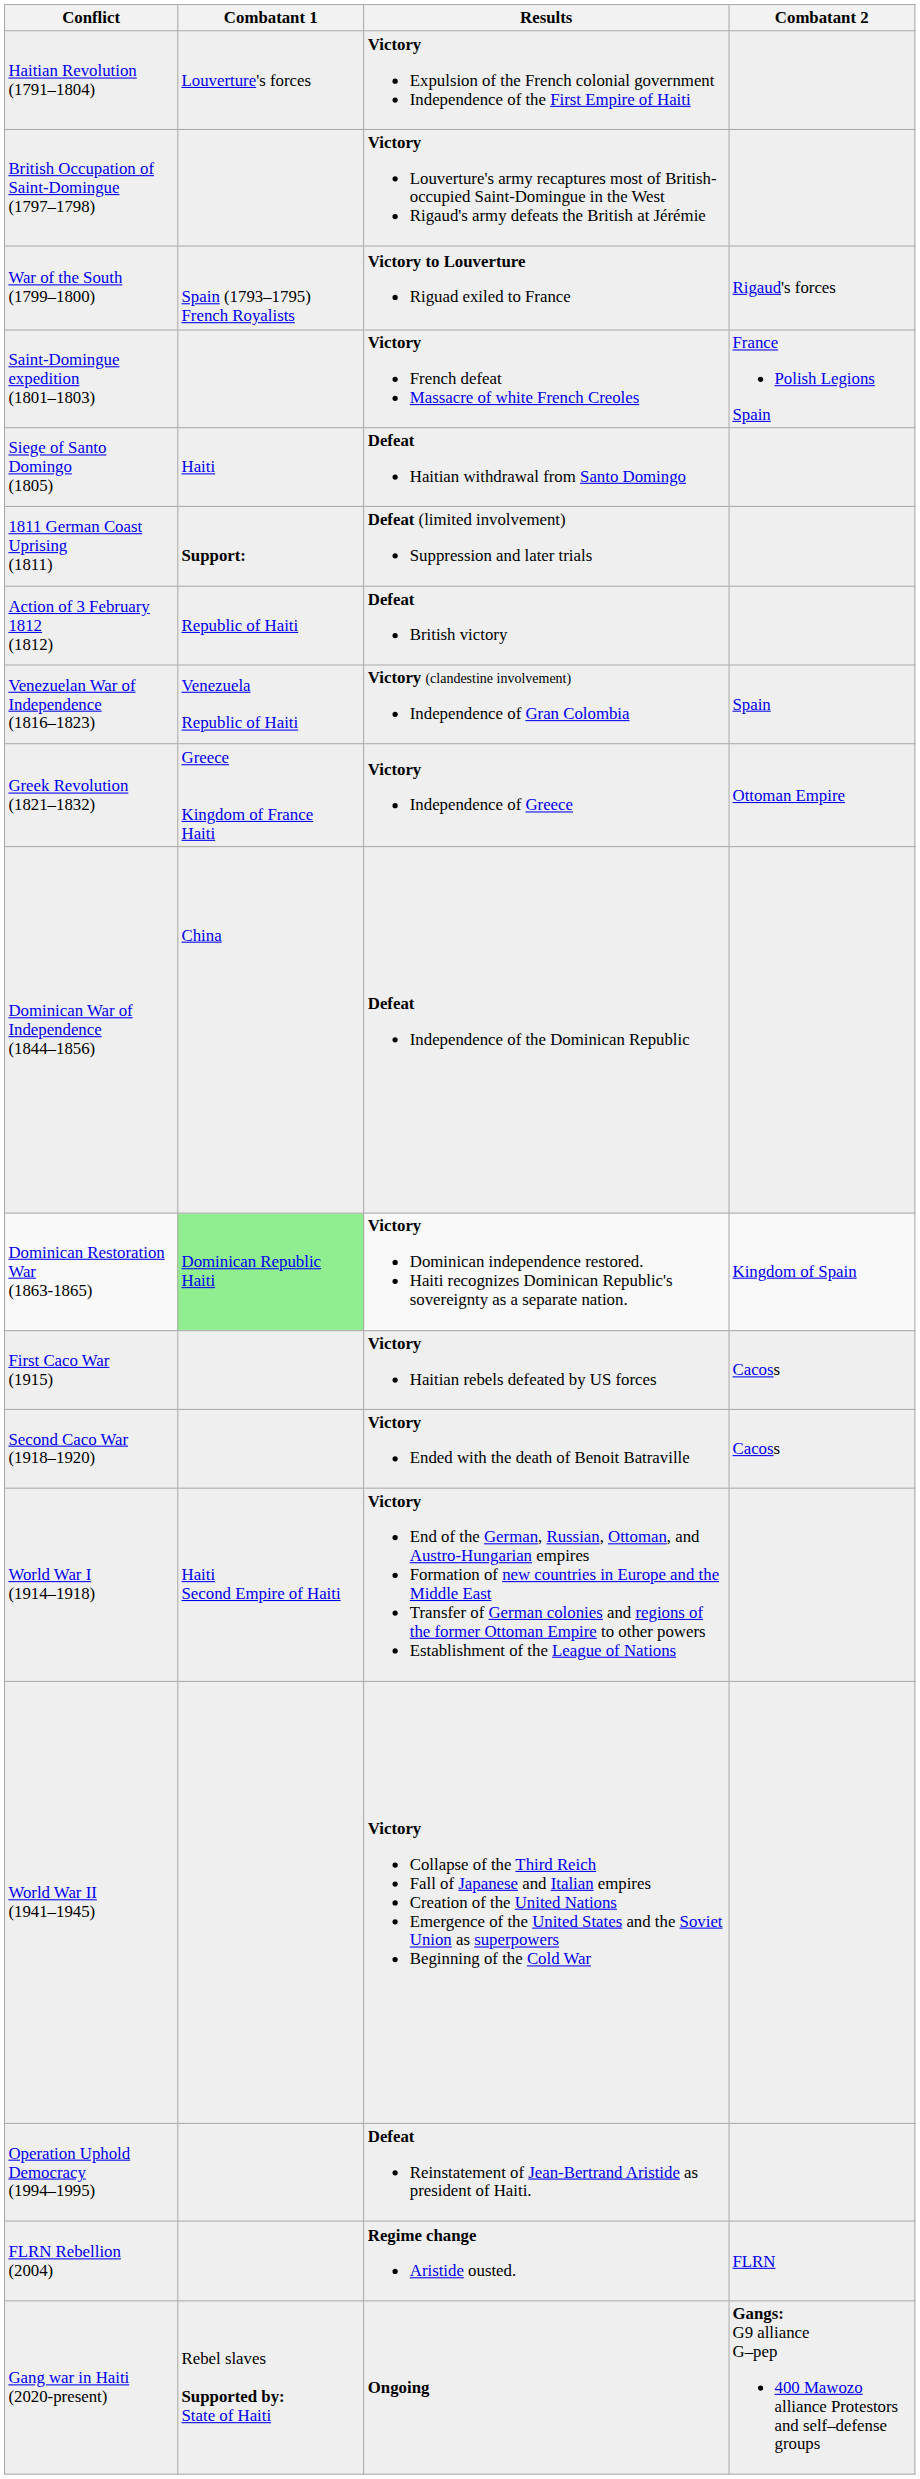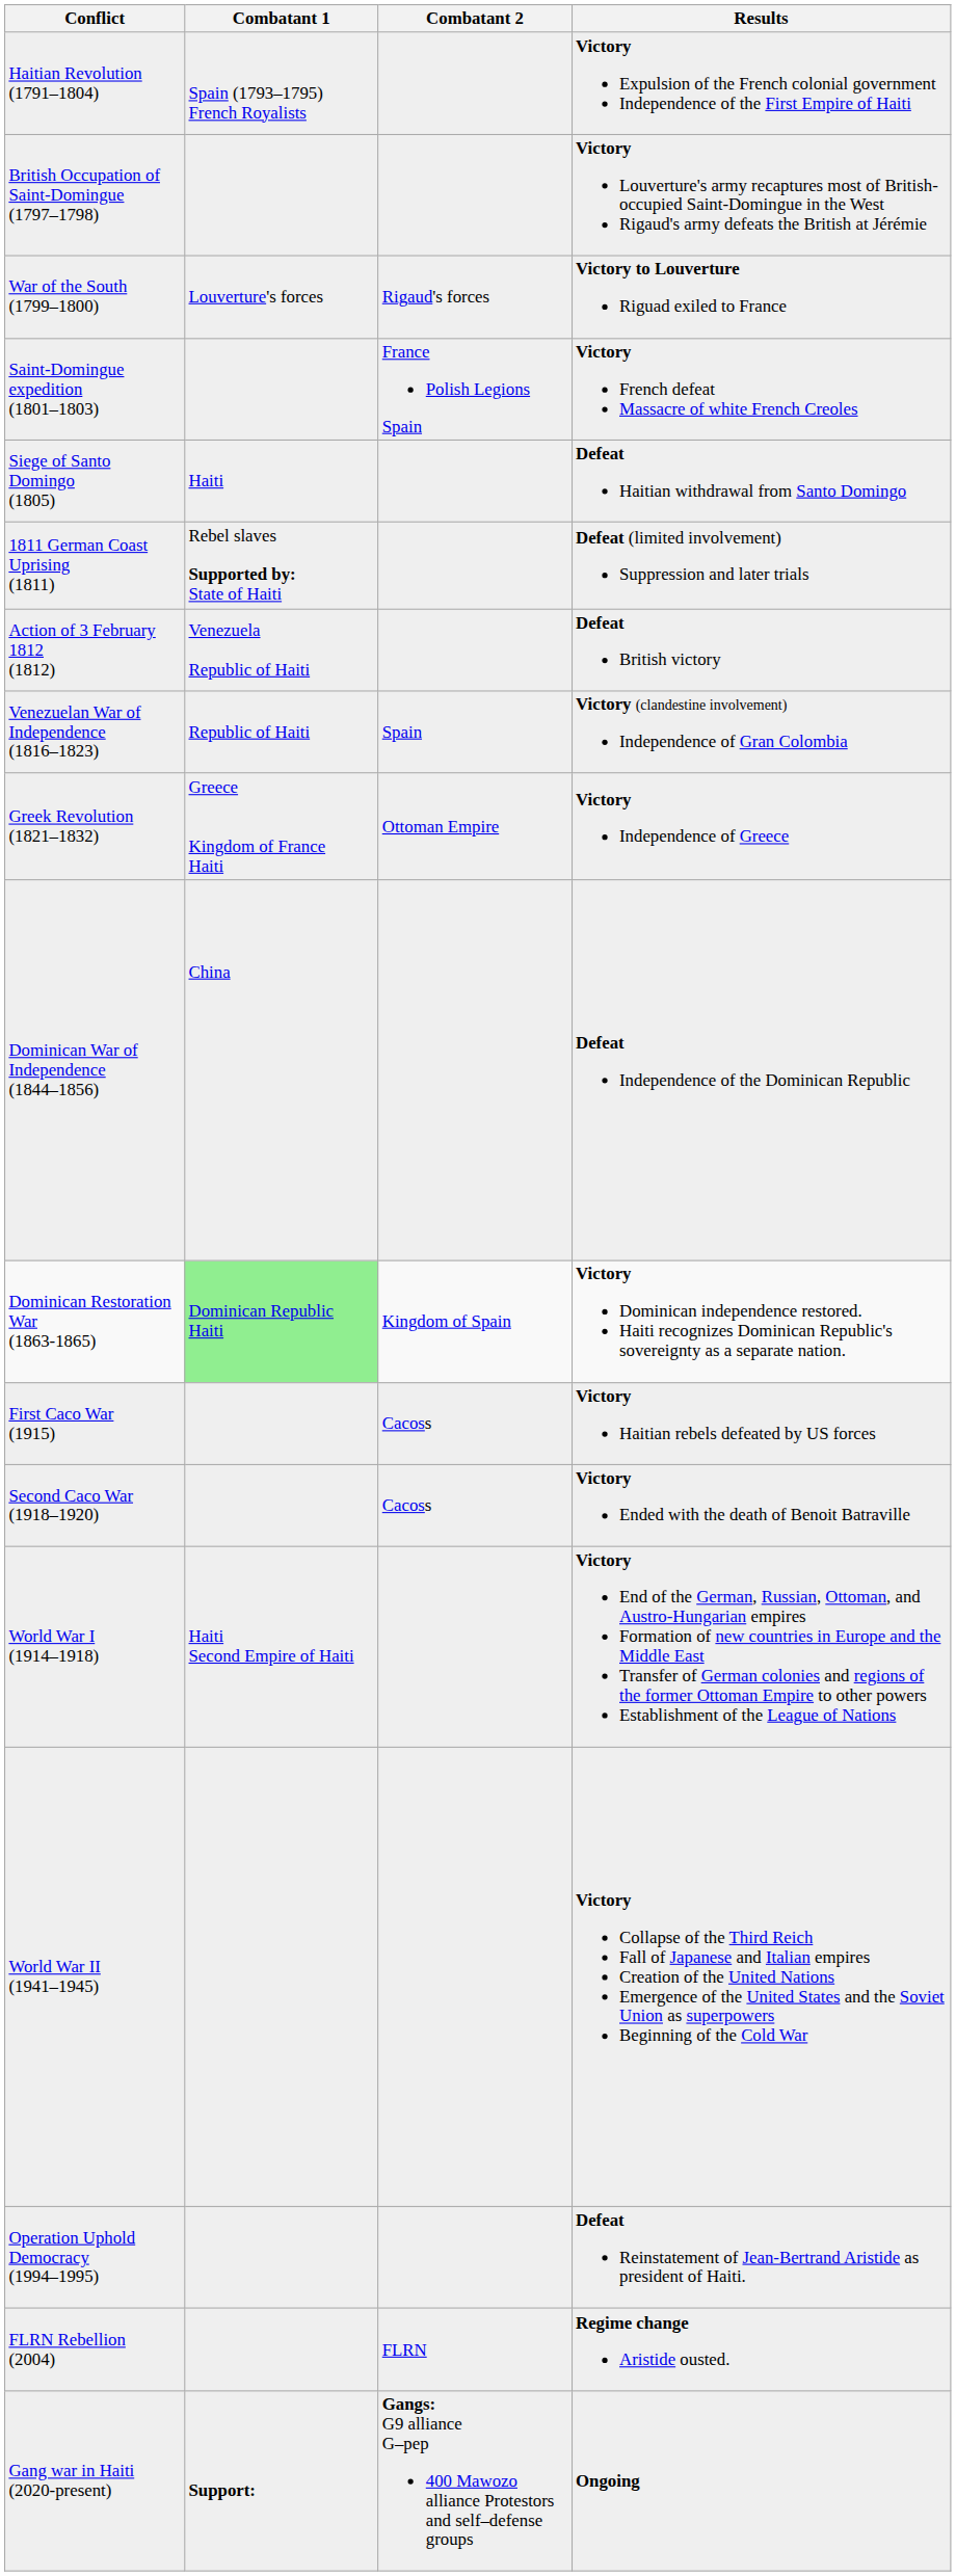 <table class="wikitable">
 <tr>
 <th style= rowspan="1"><span>Conflict</span></th>
 <th style= rowspan="1" width=170px><span>Combatant 1</span></th>
+<th style= rowspan="1" width=170px><span>Combatant 2</span></th>
 <th style= rowspan="1" width=340px><span>Results</span></th>
-<th style= rowspan="1" width=170px><span>Combatant 2</span></th>
 </tr>
 <tr>
 <td style="background:#efefef"><a href='#'>Haitian Revolution</a><br>(1791–1804)</td>
-<td style="background:#efefef"> <a href='#'>Louverture</a>'s forces</td>
+<td style="background:#efefef"><br><br> <a href='#'>Spain</a> (1793–1795)<br> <a href='#'>French Royalists</a></td>
+<td style="background:#efefef"></td>
 <td style="background:#efefef"><strong>Victory</strong><br><ul><li>Expulsion of the French colonial government</li><li>Independence of the <a href='#'>First Empire of Haiti</a></li></ul></td>
-<td style="background:#efefef"></td>
 </tr>
 <tr>
 <td style="background:#efefef"><a href='#'>British Occupation of Saint-Domingue</a><br>(1797–1798)</td>
 <td style="background:#efefef"></td>
+<td style="background:#efefef"></td>
 <td style="background:#efefef"><strong>Victory</strong><br><ul><li>Louverture's army recaptures most of British-occupied Saint-Domingue in the West</li><li>Rigaud's army defeats the British at Jérémie</li></ul></td>
-<td style="background:#efefef"></td>
 </tr>
 <tr>
 <td style="background:#efefef"><a href='#'>War of the South</a><br>(1799–1800)</td>
-<td style="background:#efefef"><br><br> <a href='#'>Spain</a> (1793–1795)<br> <a href='#'>French Royalists</a></td>
+<td style="background:#efefef"> <a href='#'>Louverture</a>'s forces</td>
+<td style="background:#efefef"> <a href='#'>Rigaud</a>'s forces</td>
 <td style="background:#efefef"><strong>Victory to Louverture</strong><br><ul><li>Riguad exiled to France</li></ul></td>
-<td style="background:#efefef"> <a href='#'>Rigaud</a>'s forces</td>
 </tr>
 <tr>
 <td style="background:#efefef"><a href='#'>Saint-Domingue expedition</a><br>(1801–1803)</td>
 <td style="background:#efefef"><br></td>
+<td style="background:#efefef"> <a href='#'>France</a><br><ul><li> <a href='#'>Polish Legions</a></li></ul> <a href='#'>Spain</a></td>
 <td style="background:#efefef"><strong>Victory</strong><br><ul><li>French defeat</li><li><a href='#'>Massacre of white French Creoles</a></li></ul></td>
-<td style="background:#efefef"> <a href='#'>France</a><br><ul><li> <a href='#'>Polish Legions</a></li></ul> <a href='#'>Spain</a></td>
 </tr>
 <tr>
 <td style="background:#efefef"><a href='#'>Siege of Santo Domingo</a><br>(1805)</td>
 <td style="background:#efefef"> <a href='#'>Haiti</a></td>
+<td style="background:#efefef"></td>
 <td style="background:#efefef"><strong>Defeat</strong><br><ul><li>Haitian withdrawal from <a href='#'>Santo Domingo</a></li></ul></td>
-<td style="background:#efefef"></td>
 </tr>
 <tr>
 <td style="background:#efefef"><a href='#'>1811 German Coast Uprising</a><br>(1811)</td>
-<td style="background:#efefef"><br>    <strong>Support:</strong><br></td>
+<td style="background:#efefef">Rebel slaves<br><br><strong>Supported by:</strong><br> <a href='#'>State of Haiti</a></td>
+<td style="background:#efefef"></td>
 <td style="background:#efefef"><strong>Defeat</strong> (limited involvement)<br><ul><li>Suppression and later trials</li></ul></td>
-<td style="background:#efefef"></td>
 </tr>
 <tr>
 <td style="background:#efefef"><a href='#'>Action of 3 February 1812</a><br>(1812)</td>
-<td style="background:#efefef">  <a href='#'>Republic of Haiti</a></td>
+<td style="background:#efefef"> <a href='#'>Venezuela</a><br><br> <a href='#'>Republic of Haiti</a></td>
+<td style="background:#efefef"></td>
 <td style="background:#efefef"><strong>Defeat</strong><br><ul><li>British victory</li></ul></td>
-<td style="background:#efefef"></td>
 </tr>
 <tr>
 <td style="background:#efefef"><a href='#'>Venezuelan War of Independence</a><br>(1816–1823)</td>
-<td style="background:#efefef"> <a href='#'>Venezuela</a><br><br> <a href='#'>Republic of Haiti</a></td>
+<td style="background:#efefef">  <a href='#'>Republic of Haiti</a></td>
+<td style="background:#efefef"> <a href='#'>Spain</a></td>
 <td style="background:#efefef"><strong>Victory</strong> <small>(clandestine involvement)</small><br><ul><li>Independence of <a href='#'>Gran Colombia</a></li></ul></td>
-<td style="background:#efefef"> <a href='#'>Spain</a></td>
 </tr>
 <tr>
 <td style="background:#efefef"><a href='#'>Greek Revolution</a><br>(1821–1832)</td>
 <td style="background:#efefef"> <a href='#'>Greece</a><br><br><br> <a href='#'>Kingdom of France</a><br> <a href='#'>Haiti</a></td>
+<td style="background:#efefef"> <a href='#'>Ottoman Empire</a></td>
 <td style="background:#efefef"><strong>Victory</strong><br><ul><li>Independence of <a href='#'>Greece</a></li></ul></td>
-<td style="background:#efefef"> <a href='#'>Ottoman Empire</a></td>
 </tr>
 <tr>
 <td style="background:#efefef"><a href='#'>Dominican War of Independence</a><br>(1844–1856)</td>
 <td style="background:#efefef"><br><br><br><br> <a href='#'>China</a><br><br><br><br><br><br><br><br><br><br><br><br><br><br><br></td>
+<td style="background:#efefef"></td>
 <td style="background:#efefef"><strong>Defeat</strong><br><ul><li>Independence of the Dominican Republic</li></ul></td>
-<td style="background:#efefef"></td>
 </tr>
 <tr>
 <td><a href='#'>Dominican Restoration War</a><br>(1863-1865)</td>
 <td style="background: lightgreen;"> <a href='#'>Dominican Republic</a><br> <a href='#'>Haiti</a></td>
+<td> <a href='#'>Kingdom of Spain</a></td>
 <td><strong>Victory</strong><br><ul><li>Dominican independence restored.</li><li>Haiti recognizes Dominican Republic's sovereignty as a separate nation.</li></ul></td>
-<td> <a href='#'>Kingdom of Spain</a></td>
 </tr>
 <tr>
 <td style="background:#efefef"><a href='#'>First Caco War</a><br>(1915)</td>
 <td style="background:#efefef"><br></td>
+<td style="background:#efefef"> <a href='#'>Cacos</a>s</td>
 <td style="background:#efefef"><strong>Victory</strong><br><ul><li>Haitian rebels defeated by US forces</li></ul></td>
-<td style="background:#efefef"> <a href='#'>Cacos</a>s</td>
 </tr>
 <tr>
 <td style="background:#efefef"><a href='#'>Second Caco War</a><br>(1918–1920)</td>
 <td style="background:#efefef"><br></td>
+<td style="background:#efefef"> <a href='#'>Cacos</a>s</td>
 <td style="background:#efefef"><strong>Victory</strong><br><ul><li>Ended with the death of Benoit Batraville</li></ul></td>
-<td style="background:#efefef"> <a href='#'>Cacos</a>s</td>
 </tr>
 <tr>
 <td style="background:#efefef"><a href='#'>World War I</a><br>(1914–1918)</td>
 <td style="background:#efefef"> <a href='#'>Haiti</a><br> <a href='#'>Second Empire of Haiti</a></td>
+<td style="background:#efefef"><br><br><br></td>
 <td style="background:#efefef"><strong>Victory</strong><br><ul><li>End of the <a href='#'>German</a>, <a href='#'>Russian</a>, <a href='#'>Ottoman</a>, and <a href='#'>Austro-Hungarian</a> empires</li><li>Formation of <a href='#'>new countries in Europe and the Middle East</a></li><li>Transfer of <a href='#'>German colonies</a> and <a href='#'>regions of the former Ottoman Empire</a> to other powers</li><li>Establishment of the <a href='#'>League of Nations</a></li></ul></td>
-<td style="background:#efefef"><br><br><br></td>
 </tr>
 <tr>
 <td style="background:#efefef"><a href='#'>World War II</a><br>(1941–1945)</td>
 <td style="background:#efefef"><br><br><br><br><br><br><br><br><br><br><br><br><br><br><br><br><br><br><br><br><br><br><br></td>
+<td style="background:#efefef"><br><br><br><br><br><br><br><br><br><br></td>
 <td style="background:#efefef"><strong>Victory</strong><br><ul><li>Collapse of the <a href='#'>Third Reich</a></li><li>Fall of <a href='#'>Japanese</a> and <a href='#'>Italian</a> empires</li><li>Creation of the <a href='#'>United Nations</a></li><li>Emergence of the <a href='#'>United States</a> and the <a href='#'>Soviet Union</a> as <a href='#'>superpowers</a></li><li>Beginning of the <a href='#'>Cold War</a></li></ul></td>
-<td style="background:#efefef"><br><br><br><br><br><br><br><br><br><br></td>
 </tr>
 <tr>
 <td style="background:#efefef"><a href='#'>Operation Uphold Democracy</a><br>(1994–1995)</td>
 <td style="background:#efefef"></td>
+<td style="background:#efefef"><br><br></td>
 <td style="background:#efefef"><strong>Defeat</strong><br><ul><li>Reinstatement of <a href='#'>Jean-Bertrand Aristide</a> as president of Haiti.</li></ul></td>
-<td style="background:#efefef"><br><br></td>
 </tr>
 <tr>
 <td style="background:#efefef"><a href='#'>FLRN Rebellion</a><br>(2004)</td>
 <td style="background:#efefef"></td>
+<td style="background:#efefef"> <a href='#'>FLRN</a></td>
 <td style="background:#efefef"><strong>Regime change</strong><br><ul><li><a href='#'>Aristide</a> ousted.</li></ul></td>
-<td style="background:#efefef"> <a href='#'>FLRN</a></td>
 </tr>
 <tr>
 <td style="background:#efefef"><a href='#'>Gang war in Haiti</a><br>(2020-present)</td>
-<td style="background:#efefef">Rebel slaves<br><br><strong>Supported by:</strong><br> <a href='#'>State of Haiti</a></td>
+<td style="background:#efefef"><br>    <strong>Support:</strong><br></td>
+<td style="background:#efefef"><strong>Gangs:</strong><br>G9 alliance <br>G–pep<ul><li><a href='#'>400 Mawozo</a>  alliance Protestors and self–defense groups</li></ul></td>
 <td style="background:#efefef"><strong>Ongoing</strong></td>
-<td style="background:#efefef"><strong>Gangs:</strong><br>G9 alliance <br>G–pep<ul><li><a href='#'>400 Mawozo</a>  alliance Protestors and self–defense groups</li></ul></td>
 </tr>
 </table>
